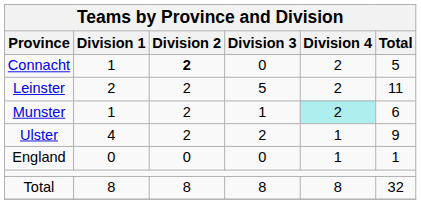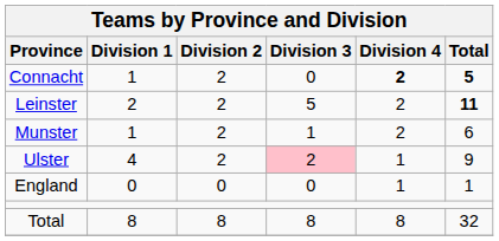 <table class="wikitable" style="text-align:center">
 <tr>
 <th colspan=6><big>Teams by Province and Division</big></th>
 </tr>
 <tr>
 <th>Province</th>
 <th>Division 1</th>
 <th>Division 2</th>
 <th>Division 3</th>
 <th>Division 4</th>
 <th>Total</th>
 </tr>
 <tr>
 <td><a href='#'>Connacht</a></td>
 <td>1</td>
+<td>2</td>
+<td>0</td>
 <td><strong>2</strong></td>
-<td>0</td>
-<td>2</td>
-<td>5</td>
+<td><strong>5</strong></td>
 </tr>
 <tr>
 <td><a href='#'>Leinster</a></td>
 <td>2</td>
 <td>2</td>
 <td>5</td>
 <td>2</td>
-<td>11</td>
+<td><strong>11</strong></td>
 </tr>
 <tr>
 <td><a href='#'>Munster</a></td>
 <td>1</td>
 <td>2</td>
 <td>1</td>
-<td style="background: paleturquoise;">2</td>
+<td>2</td>
 <td>6</td>
 </tr>
 <tr>
 <td><a href='#'>Ulster</a></td>
 <td>4</td>
 <td>2</td>
-<td>2</td>
+<td style="background: pink;">2</td>
 <td>1</td>
 <td>9</td>
 </tr>
 <tr>
 <td>England</td>
 <td>0</td>
 <td>0</td>
 <td>0</td>
 <td>1</td>
 <td>1</td>
 </tr>
 <tr>
 <td colspan=6></td>
 </tr>
 <tr>
 <td>Total</td>
 <td>8</td>
 <td>8</td>
 <td>8</td>
 <td>8</td>
 <td>32</td>
 </tr>
 <tr>
 </tr>
 </table>
